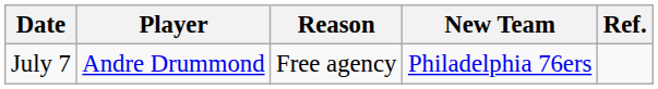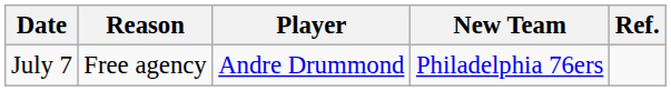 <table class="wikitable sortable sortable" style="text-align: center">
 <tr>
 <th>Date</th>
+<th>Reason</th>
 <th>Player</th>
-<th>Reason</th>
 <th>New Team</th>
 <th>Ref.</th>
 </tr>
 <tr>
 <td>July 7</td>
+<td>Free agency</td>
 <td><a href='#'>Andre Drummond</a></td>
-<td>Free agency</td>
 <td><a href='#'>Philadelphia 76ers</a></td>
 <td></td>
 </tr>
 </table>
